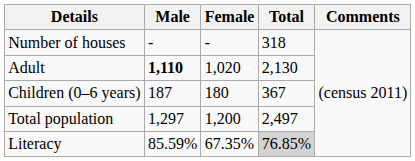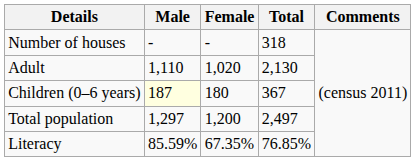 <table class="wikitable sortable">
 <tr>
 <th>Details</th>
 <th>Male</th>
 <th>Female</th>
 <th>Total</th>
 <th>Comments</th>
 </tr>
 <tr>
 <td>Number of houses</td>
 <td>-</td>
 <td>-</td>
 <td>318</td>
 <td rowspan="5">(census 2011) </td>
 </tr>
 <tr>
 <td>Adult</td>
-<td><strong>1,110</strong></td>
+<td>1,110</td>
 <td>1,020</td>
 <td>2,130</td>
 </tr>
 <tr>
 <td>Children (0–6 years)</td>
-<td>187</td>
+<td style="background: lightyellow;">187</td>
 <td>180</td>
 <td>367</td>
 </tr>
 <tr>
 <td>Total population</td>
 <td>1,297</td>
 <td>1,200</td>
 <td>2,497</td>
 </tr>
 <tr>
 <td>Literacy</td>
 <td>85.59%</td>
 <td>67.35%</td>
-<td style="background: lightgrey;">76.85%</td>
+<td>76.85%</td>
 </tr>
 <tr>
 </tr>
 </table>
